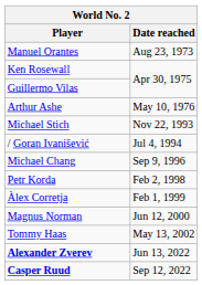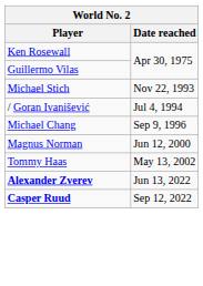 <table class="wikitable nowrap" style="display:inline-table; font-size:95%">
 <tr>
 <th colspan="2">World No. 2</th>
 </tr>
 <tr>
 <th width=165>Player</th>
 <th>Date reached</th>
 </tr>
 <tr>
-<td> <a href='#'>Manuel Orantes</a></td>
-<td>Aug 23, 1973</td>
-</tr>
-<tr>
 <td> <a href='#'>Ken Rosewall</a></td>
 <td rowspan=2>Apr 30, 1975</td>
 </tr>
 <tr>
 <td> <a href='#'>Guillermo Vilas</a></td>
-</tr>
-<tr>
-<td> <a href='#'>Arthur Ashe</a></td>
-<td>May 10, 1976</td>
 </tr>
 <tr>
 <td> <a href='#'>Michael Stich</a></td>
 <td>Nov 22, 1993</td>
 </tr>
 <tr>
 <td>/ <a href='#'>Goran Ivanišević</a></td>
 <td>Jul 4, 1994</td>
 </tr>
 <tr>
 <td> <a href='#'>Michael Chang</a></td>
 <td>Sep 9, 1996</td>
-</tr>
-<tr>
-<td> <a href='#'>Petr Korda</a></td>
-<td>Feb 2, 1998</td>
-</tr>
-<tr>
-<td> <a href='#'>Àlex Corretja</a></td>
-<td>Feb 1, 1999</td>
 </tr>
 <tr>
 <td> <a href='#'>Magnus Norman</a></td>
 <td>Jun 12, 2000</td>
 </tr>
 <tr>
 <td> <a href='#'>Tommy Haas</a></td>
 <td>May 13, 2002</td>
 </tr>
 <tr>
 <td> <strong><a href='#'>Alexander Zverev</a></strong></td>
 <td>Jun 13, 2022</td>
 </tr>
 <tr>
 <td> <strong><a href='#'>Casper Ruud</a></strong></td>
 <td>Sep 12, 2022</td>
 </tr>
 </table>
